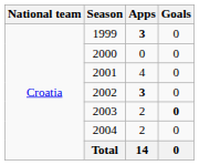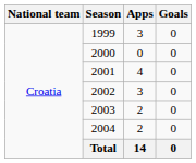 <table class="wikitable" style="text-align: center;">
 <tr>
 <th>National team</th>
 <th>Season</th>
 <th>Apps</th>
 <th>Goals</th>
 </tr>
 <tr>
 <td rowspan="7" valign="center"><a href='#'>Croatia</a></td>
 <td>1999</td>
-<td><strong>3</strong></td>
+<td>3</td>
 <td>0</td>
 </tr>
 <tr>
 <td>2000</td>
 <td>0</td>
 <td>0</td>
 </tr>
 <tr>
 <td>2001</td>
 <td>4</td>
 <td>0</td>
 </tr>
 <tr>
 <td>2002</td>
-<td><strong>3</strong></td>
+<td>3</td>
 <td>0</td>
 </tr>
 <tr>
 <td>2003</td>
 <td>2</td>
-<td><strong>0</strong></td>
+<td>0</td>
 </tr>
 <tr>
 <td>2004</td>
 <td>2</td>
 <td>0</td>
 </tr>
 <tr>
 <th colspan="1">Total</th>
 <th>14</th>
 <th>0</th>
 </tr>
 </table>
